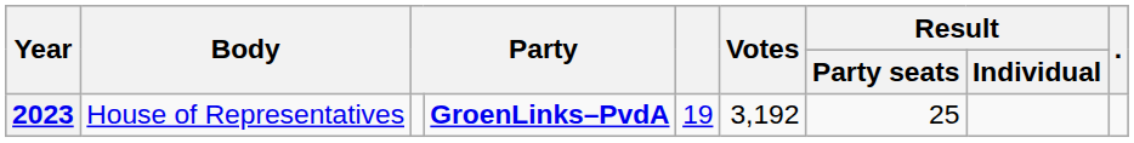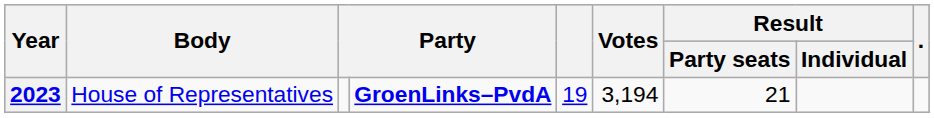 <table class="wikitable plainrowheaders sortable" border=2 cellpadding=4 cellspacing=0 style="border: 1px #aaa solid; font-size: 90%; text-align:center;">
 <tr>
 <th scope="col" rowspan=2>Year</th>
 <th scope="col" rowspan=2>Body</th>
 <th scope="col" colspan=2 rowspan=2>Party</th>
 <th scope="col" rowspan=2></th>
 <th scope="col" rowspan=2>Votes</th>
 <th scope="colgroup" colspan=2>Result</th>
 <th scope="col" rowspan=2 class="unsortable">.</th>
 </tr>
 <tr>
 <th scope="col">Party seats</th>
 <th scope="col">Individual</th>
 </tr>
 <tr>
 <th scope="row"><a href='#'>2023</a></th>
 <td><a href='#'>House of Representatives</a></td>
 <td style="background-color:"></td>
 <td><strong><a href='#'>GroenLinks–PvdA</a></strong></td>
 <td style=text-align:right><a href='#'>19</a></td>
-<td style=text-align:right>3,192</td>
-<td style=text-align:right>25</td>
+<td style=text-align:right>3,194</td>
+<td style=text-align:right>21</td>
 <td></td>
 <td></td>
 </tr>
 </table>
